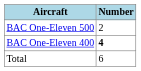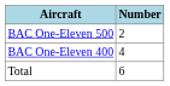 <table class="toccolours" border="1" cellpadding="3" style="border-collapse:collapse">
 <tr bgcolor=lightblue>
 <th>Aircraft</th>
 <th>Number</th>
 </tr>
 <tr>
 <td><a href='#'>BAC One-Eleven 500</a></td>
 <td>2</td>
 </tr>
 <tr>
 <td><a href='#'>BAC One-Eleven 400</a></td>
-<td><strong>4</strong></td>
+<td>4</td>
 </tr>
 <tr>
 <td>Total</td>
 <td>6</td>
 </tr>
 </table>
